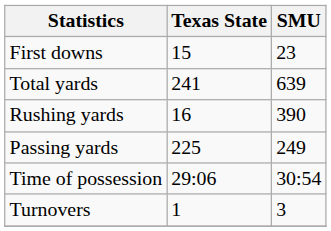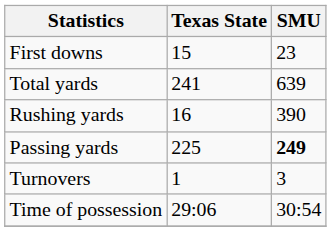 <table class="wikitable" style="float: right;">
 <tr>
 <th>Statistics</th>
 <th>Texas State</th>
 <th>SMU</th>
 </tr>
 <tr>
 <td>First downs</td>
 <td>15</td>
 <td>23</td>
 </tr>
 <tr>
 <td>Total yards</td>
 <td>241</td>
 <td>639</td>
 </tr>
 <tr>
 <td>Rushing yards</td>
 <td>16</td>
 <td>390</td>
 </tr>
 <tr>
 <td>Passing yards</td>
 <td>225</td>
-<td>249</td>
+<td><strong>249</strong></td>
+</tr>
+<tr>
+<td>Turnovers</td>
+<td>1</td>
+<td>3</td>
 </tr>
 <tr>
 <td>Time of possession</td>
 <td>29:06</td>
 <td>30:54</td>
 </tr>
 <tr>
-<td>Turnovers</td>
-<td>1</td>
-<td>3</td>
-</tr>
-<tr>
 </tr>
 </table>
